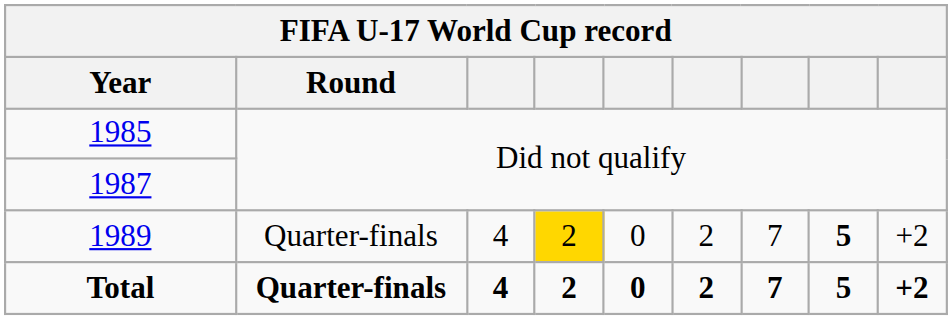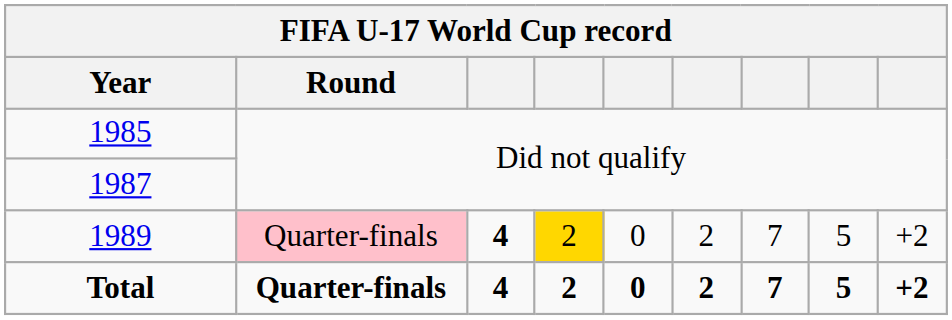 <table class="wikitable" style="text-align: center; font-size: 90%;">
 <tr>
 <th colspan=9>FIFA U-17 World Cup record</th>
 </tr>
 <tr>
 <th width=100>Year</th>
 <th width=100>Round</th>
 <th width=25></th>
 <th width=25></th>
 <th width=25></th>
 <th width=25></th>
 <th width=25></th>
 <th width=25></th>
 <th width=25></th>
 </tr>
 <tr>
 <td> <a href='#'>1985</a></td>
 <td rowspan="2" colspan=9>Did not qualify</td>
 </tr>
 <tr>
 <td> <a href='#'>1987</a></td>
 </tr>
 <tr>
 <td> <a href='#'>1989</a></td>
-<td>Quarter-finals</td>
-<td>4</td>
+<td style="background: pink;">Quarter-finals</td>
+<td><strong>4</strong></td>
 <td style="background: gold;">2</td>
 <td>0</td>
 <td>2</td>
 <td>7</td>
-<td><strong>5</strong></td>
+<td>5</td>
 <td>+2</td>
 </tr>
 <tr>
 <td><strong>Total</strong></td>
 <td><strong>Quarter-finals</strong></td>
 <td><strong>4</strong></td>
 <td><strong>2</strong></td>
 <td><strong>0</strong></td>
 <td><strong>2</strong></td>
 <td><strong>7</strong></td>
 <td><strong>5</strong></td>
 <td><strong>+2</strong></td>
 </tr>
 </table>
